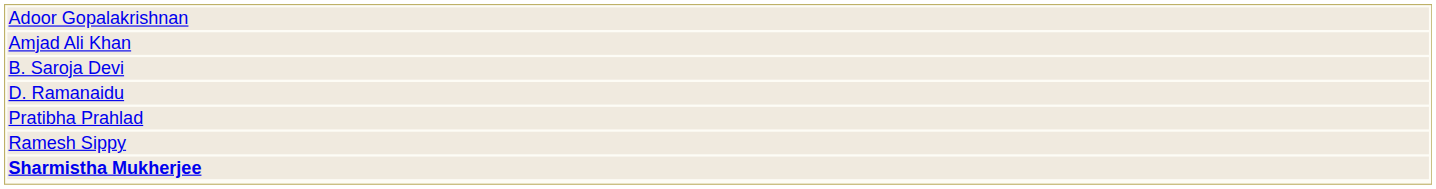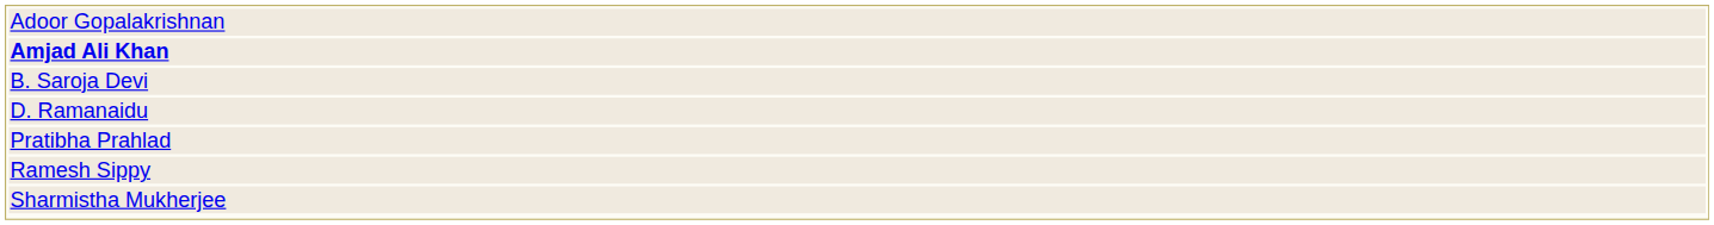 <table style="width:100%;border: 1px solid #BEB168;background-color:#FDFCF6;">
 <tr>
 <td style="background-color:#F0EADF;"> <a href='#'>Adoor Gopalakrishnan</a></td>
 </tr>
 <tr>
-<td style="background-color:#F0EADF;"> <a href='#'>Amjad Ali Khan</a></td>
+<td style="background-color:#F0EADF;"><strong> <a href='#'>Amjad Ali Khan</a></strong></td>
 </tr>
 <tr>
 <td style="background-color:#F0EADF;"> <a href='#'>B. Saroja Devi</a></td>
 </tr>
 <tr>
 <td style="background-color:#F0EADF;"> <a href='#'>D. Ramanaidu</a></td>
 </tr>
 <tr>
 <td style="background-color:#F0EADF;"> <a href='#'>Pratibha Prahlad</a></td>
 </tr>
 <tr>
 <td style="background-color:#F0EADF;"> <a href='#'>Ramesh Sippy</a></td>
 </tr>
 <tr>
-<td style="background-color:#F0EADF;"><strong> <a href='#'>Sharmistha Mukherjee</a></strong></td>
+<td style="background-color:#F0EADF;"> <a href='#'>Sharmistha Mukherjee</a></td>
 </tr>
 <tr>
 </tr>
 </table>
